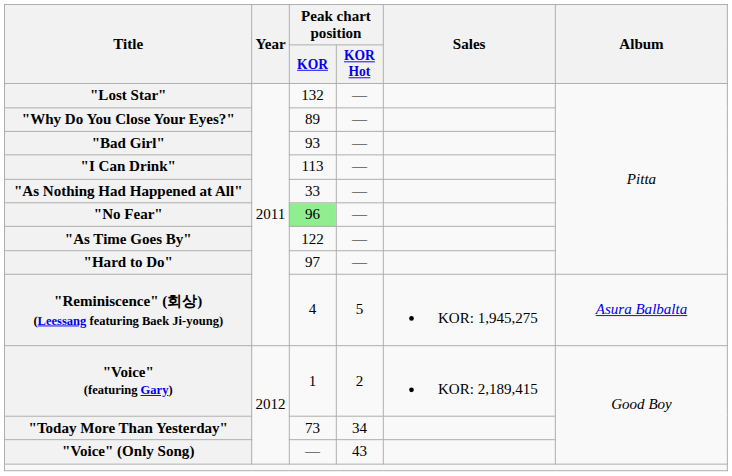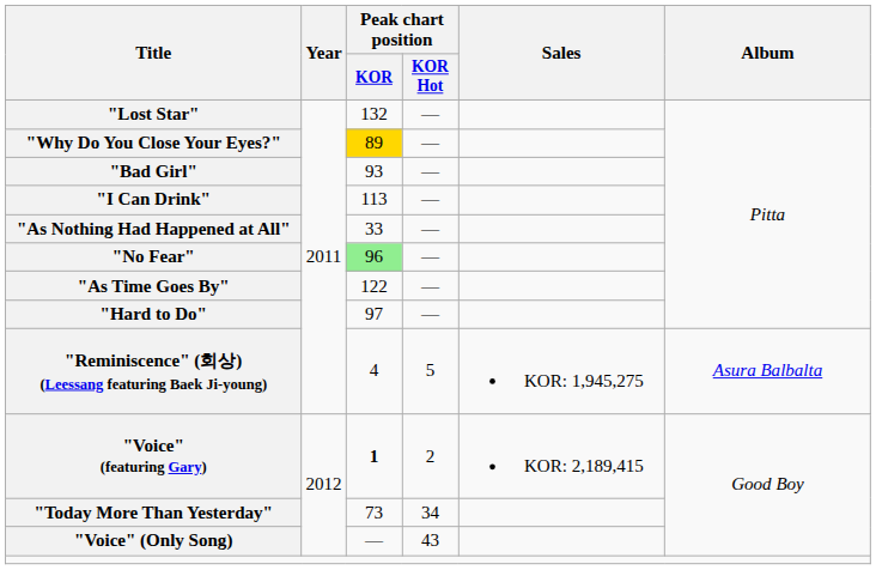 <table class="wikitable plainrowheaders" style="text-align:center;">
 <tr>
 <th scope="col" rowspan="2" style="width:16em;">Title</th>
 <th scope="col" rowspan="2">Year</th>
 <th scope="col" colspan="2">Peak chart position</th>
 <th rowspan="2" style="width:11em;">Sales</th>
 <th scope="col" rowspan="2" style="width:11em;">Album</th>
 </tr>
 <tr>
 <th scope="col" style="width:3em;font-size:90%;"><a href='#'>KOR</a><br></th>
 <th scope="col" style="width:3em;font-size:90%;"><a href='#'>KOR<br>Hot</a><br></th>
 </tr>
 <tr>
 <th scope="row">"Lost Star"</th>
 <td rowspan="9">2011</td>
 <td>132</td>
 <td>—</td>
 <td></td>
 <td rowspan="8"><em>Pitta</em></td>
 </tr>
 <tr>
 <th scope="row">"Why Do You Close Your Eyes?"</th>
-<td>89</td>
+<td style="background: gold;">89</td>
 <td>—</td>
 <td></td>
 </tr>
 <tr>
 <th scope="row">"Bad Girl"</th>
 <td>93</td>
 <td>—</td>
 <td></td>
 </tr>
 <tr>
 <th scope="row">"I Can Drink"</th>
 <td>113</td>
 <td>—</td>
 <td></td>
 </tr>
 <tr>
 <th scope="row">"As Nothing Had Happened at All"</th>
 <td>33</td>
 <td>—</td>
 <td></td>
 </tr>
 <tr>
 <th scope="row">"No Fear"</th>
 <td style="background: lightgreen;">96</td>
 <td>—</td>
 <td></td>
 </tr>
 <tr>
 <th scope="row">"As Time Goes By"</th>
 <td>122</td>
 <td>—</td>
 <td></td>
 </tr>
 <tr>
 <th scope="row">"Hard to Do"</th>
 <td>97</td>
 <td>—</td>
 <td></td>
 </tr>
 <tr>
 <th scope="row">"Reminiscence" (회상)<br><small>(<a href='#'>Leessang</a> featuring Baek Ji-young)</small></th>
 <td>4</td>
 <td>5</td>
 <td><br><ul><li>KOR: 1,945,275</li></ul></td>
 <td><em><a href='#'>Asura Balbalta</a></em></td>
 </tr>
 <tr>
 <th scope="row">"Voice"<br><small>(featuring <a href='#'>Gary</a>)</small></th>
 <td rowspan="3">2012</td>
-<td>1</td>
+<td><strong>1</strong></td>
 <td>2</td>
 <td><br><ul><li>KOR: 2,189,415</li></ul></td>
 <td rowspan="3"><em>Good Boy</em></td>
 </tr>
 <tr>
 <th scope="row">"Today More Than Yesterday"</th>
 <td>73</td>
 <td>34</td>
 <td></td>
 </tr>
 <tr>
 <th scope="row">"Voice" (Only Song)</th>
 <td>—</td>
 <td>43</td>
 <td></td>
 </tr>
 <tr>
 <td colspan="6"></td>
 </tr>
 </table>
